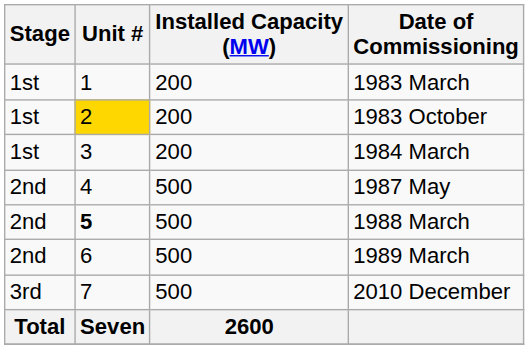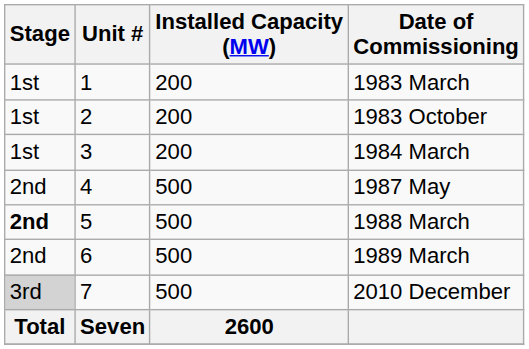 <table class="sortable wikitable">
 <tr>
 <th>Stage</th>
 <th>Unit #</th>
 <th>Installed Capacity<br>(<a href='#'>MW</a>)</th>
 <th>Date of<br>Commissioning</th>
 </tr>
 <tr>
 <td>1st</td>
 <td>1</td>
 <td>200</td>
 <td>1983 March</td>
 </tr>
 <tr>
 <td>1st</td>
-<td style="background: gold;">2</td>
+<td>2</td>
 <td>200</td>
 <td>1983 October</td>
 </tr>
 <tr>
 <td>1st</td>
 <td>3</td>
 <td>200</td>
 <td>1984 March</td>
 </tr>
 <tr>
 <td>2nd</td>
 <td>4</td>
 <td>500</td>
 <td>1987 May</td>
 </tr>
 <tr>
-<td>2nd</td>
-<td><strong>5</strong></td>
+<td><strong>2nd</strong></td>
+<td>5</td>
 <td>500</td>
 <td>1988 March</td>
 </tr>
 <tr>
 <td>2nd</td>
 <td>6</td>
 <td>500</td>
 <td>1989 March</td>
 </tr>
 <tr>
-<td>3rd</td>
+<td style="background: lightgrey;">3rd</td>
 <td>7</td>
 <td>500</td>
 <td>2010 December</td>
 </tr>
 <tr>
 <th>Total</th>
 <th>Seven</th>
 <th>2600</th>
 <th></th>
 </tr>
 <tr>
 </tr>
 </table>
